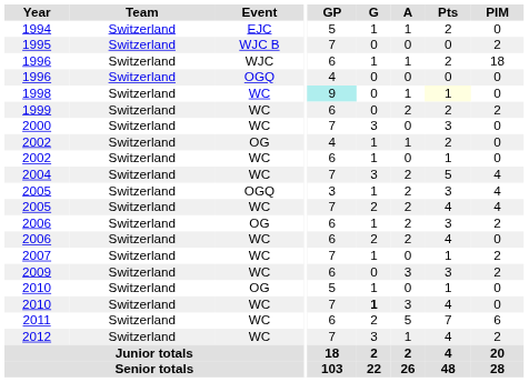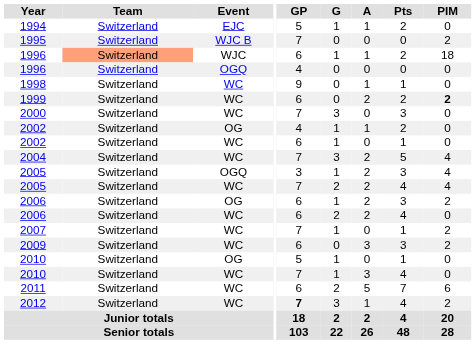 <table border="0" cellpadding="1" cellspacing="0" ID="Table3" style="text-align:center; width:40em">
 <tr ALIGN="center" bgcolor="#e0e0e0">
 <th>Year</th>
 <th>Team</th>
 <th>Event</th>
 <th rowspan="99" bgcolor="#ffffff"></th>
 <th>GP</th>
 <th>G</th>
 <th>A</th>
 <th>Pts</th>
 <th>PIM</th>
 </tr>
 <tr>
 <td><a href='#'>1994</a></td>
 <td><a href='#'>Switzerland</a></td>
 <td><a href='#'>EJC</a></td>
 <td>5</td>
 <td>1</td>
 <td>1</td>
 <td>2</td>
 <td>0</td>
 </tr>
 <tr bgcolor="#f0f0f0">
 <td><a href='#'>1995</a></td>
 <td><a href='#'>Switzerland</a></td>
 <td><a href='#'>WJC B</a></td>
 <td>7</td>
 <td>0</td>
 <td>0</td>
 <td>0</td>
 <td>2</td>
 </tr>
 <tr>
 <td><a href='#'>1996</a></td>
-<td>Switzerland</td>
+<td style="background: lightsalmon;">Switzerland</td>
 <td>WJC</td>
 <td>6</td>
 <td>1</td>
 <td>1</td>
 <td>2</td>
 <td>18</td>
 </tr>
 <tr bgcolor="#f0f0f0">
 <td><a href='#'>1996</a></td>
 <td><a href='#'>Switzerland</a></td>
 <td><a href='#'>OGQ</a></td>
 <td>4</td>
 <td>0</td>
 <td>0</td>
 <td>0</td>
 <td>0</td>
 </tr>
 <tr>
 <td><a href='#'>1998</a></td>
 <td>Switzerland</td>
 <td><a href='#'>WC</a></td>
-<td style="background: paleturquoise;">9</td>
+<td>9</td>
 <td>0</td>
 <td>1</td>
-<td style="background: lightyellow;">1</td>
+<td>1</td>
 <td>0</td>
 </tr>
 <tr bgcolor="#f0f0f0">
 <td><a href='#'>1999</a></td>
 <td>Switzerland</td>
 <td>WC</td>
 <td>6</td>
 <td>0</td>
 <td>2</td>
 <td>2</td>
-<td>2</td>
+<td><strong>2</strong></td>
 </tr>
 <tr>
 <td><a href='#'>2000</a></td>
 <td>Switzerland</td>
 <td>WC</td>
 <td>7</td>
 <td>3</td>
 <td>0</td>
 <td>3</td>
 <td>0</td>
 </tr>
 <tr bgcolor="#f0f0f0">
 <td><a href='#'>2002</a></td>
 <td>Switzerland</td>
 <td>OG</td>
 <td>4</td>
 <td>1</td>
 <td>1</td>
 <td>2</td>
 <td>0</td>
 </tr>
 <tr>
 <td><a href='#'>2002</a></td>
 <td>Switzerland</td>
 <td>WC</td>
 <td>6</td>
 <td>1</td>
 <td>0</td>
 <td>1</td>
 <td>0</td>
 </tr>
 <tr bgcolor="#f0f0f0">
 <td><a href='#'>2004</a></td>
 <td>Switzerland</td>
 <td>WC</td>
 <td>7</td>
 <td>3</td>
 <td>2</td>
 <td>5</td>
 <td>4</td>
 </tr>
 <tr>
 <td><a href='#'>2005</a></td>
 <td>Switzerland</td>
 <td>OGQ</td>
 <td>3</td>
 <td>1</td>
 <td>2</td>
 <td>3</td>
 <td>4</td>
 </tr>
 <tr bgcolor="#f0f0f0">
 <td><a href='#'>2005</a></td>
 <td>Switzerland</td>
 <td>WC</td>
 <td>7</td>
 <td>2</td>
 <td>2</td>
 <td>4</td>
 <td>4</td>
 </tr>
 <tr>
 <td><a href='#'>2006</a></td>
 <td>Switzerland</td>
 <td>OG</td>
 <td>6</td>
 <td>1</td>
 <td>2</td>
 <td>3</td>
 <td>2</td>
 </tr>
 <tr bgcolor="#f0f0f0">
 <td><a href='#'>2006</a></td>
 <td>Switzerland</td>
 <td>WC</td>
 <td>6</td>
 <td>2</td>
 <td>2</td>
 <td>4</td>
 <td>0</td>
 </tr>
 <tr>
 <td><a href='#'>2007</a></td>
 <td>Switzerland</td>
 <td>WC</td>
 <td>7</td>
 <td>1</td>
 <td>0</td>
 <td>1</td>
 <td>2</td>
 </tr>
 <tr bgcolor="#f0f0f0">
 <td><a href='#'>2009</a></td>
 <td>Switzerland</td>
 <td>WC</td>
 <td>6</td>
 <td>0</td>
 <td>3</td>
 <td>3</td>
 <td>2</td>
 </tr>
 <tr>
 <td><a href='#'>2010</a></td>
 <td>Switzerland</td>
 <td>OG</td>
 <td>5</td>
 <td>1</td>
 <td>0</td>
 <td>1</td>
 <td>0</td>
 </tr>
 <tr bgcolor="#f0f0f0">
 <td><a href='#'>2010</a></td>
 <td>Switzerland</td>
 <td>WC</td>
 <td>7</td>
-<td><strong>1</strong></td>
+<td>1</td>
 <td>3</td>
 <td>4</td>
 <td>0</td>
 </tr>
 <tr>
 <td><a href='#'>2011</a></td>
 <td>Switzerland</td>
 <td>WC</td>
 <td>6</td>
 <td>2</td>
 <td>5</td>
 <td>7</td>
 <td>6</td>
 </tr>
 <tr bgcolor="#f0f0f0">
 <td><a href='#'>2012</a></td>
 <td>Switzerland</td>
 <td>WC</td>
-<td>7</td>
+<td><strong>7</strong></td>
 <td>3</td>
 <td>1</td>
 <td>4</td>
 <td>2</td>
 </tr>
 <tr style="background: #e0e0e0;">
 <th colspan="3">Junior totals</th>
 <th>18</th>
 <th>2</th>
 <th>2</th>
 <th>4</th>
 <th>20</th>
 </tr>
 <tr style="background: #e0e0e0;">
 <th colspan="3">Senior totals</th>
 <th>103</th>
 <th>22</th>
 <th>26</th>
 <th>48</th>
 <th>28</th>
 </tr>
 </table>
